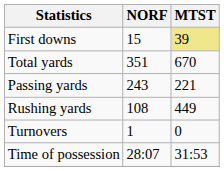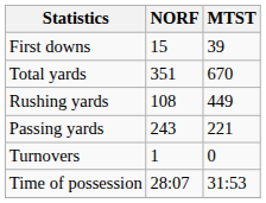 <table class="wikitable">
 <tr>
 <th>Statistics</th>
 <th>NORF</th>
 <th>MTST</th>
 </tr>
 <tr>
 <td>First downs</td>
 <td>15</td>
-<td style="background: khaki;">39</td>
+<td>39</td>
 </tr>
 <tr>
 <td>Total yards</td>
 <td>351</td>
 <td>670</td>
 </tr>
 <tr>
+<td>Rushing yards</td>
+<td>108</td>
+<td>449</td>
+</tr>
+<tr>
 <td>Passing yards</td>
 <td>243</td>
 <td>221</td>
-</tr>
-<tr>
-<td>Rushing yards</td>
-<td>108</td>
-<td>449</td>
 </tr>
 <tr>
 <td>Turnovers</td>
 <td>1</td>
 <td>0</td>
 </tr>
 <tr>
 <td>Time of possession</td>
 <td>28:07</td>
 <td>31:53</td>
 </tr>
 <tr>
 </tr>
 </table>
